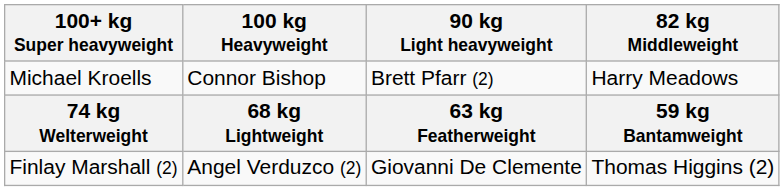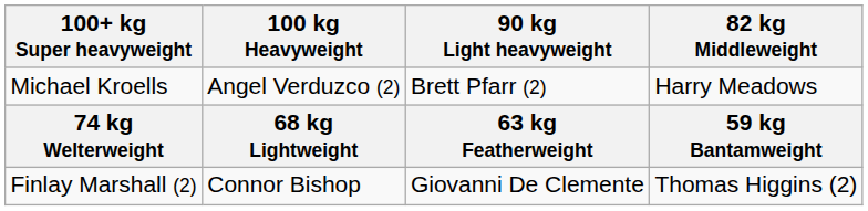 <table class="wikitable">
 <tr>
 <th>100+ kg<br><small>Super heavyweight</small></th>
 <th>100 kg<br><small>Heavyweight</small></th>
 <th>90 kg<br><small>Light heavyweight</small></th>
 <th>82 kg<br><small>Middleweight</small></th>
 </tr>
 <tr>
 <td>Michael Kroells<br><small></small></td>
-<td>Connor Bishop<br><small></small> <small></small></td>
+<td>Angel Verduzco <small>(2)</small><br><small></small></td>
 <td>Brett Pfarr <small>(2)</small><br><small></small></td>
 <td>Harry Meadows<br><small></small> <small></small></td>
 </tr>
 <tr>
 <th>74 kg<br><small>Welterweight</small></th>
 <th>68 kg<br><small>Lightweight</small></th>
 <th>63 kg<br><small>Featherweight</small></th>
 <th>59 kg<br><small>Bantamweight</small></th>
 </tr>
 <tr>
 <td>Finlay Marshall <small>(2)</small><br><small></small> <small></small></td>
-<td>Angel Verduzco <small>(2)</small><br><small></small></td>
+<td>Connor Bishop<br><small></small> <small></small></td>
 <td>Giovanni De Clemente<br><small></small></td>
 <td>Thomas Higgins (2) <small></small><br><small></small> <small> </small> <small></small></td>
 </tr>
 </table>
